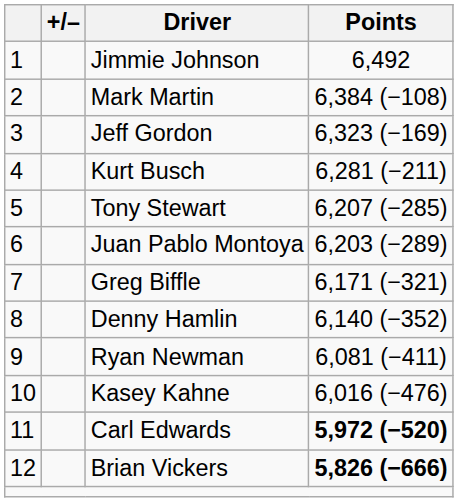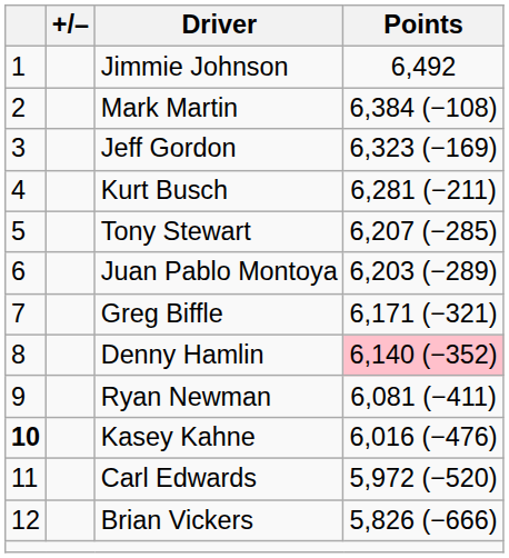 <table class="wikitable ">
 <tr>
 <th scope="col"></th>
 <th scope="col">+/–</th>
 <th scope="col">Driver</th>
 <th scope="col">Points</th>
 </tr>
 <tr>
 <td>1</td>
 <td align="left"></td>
 <td>Jimmie Johnson</td>
 <td style="text-align:center;">6,492</td>
 </tr>
 <tr>
 <td>2</td>
 <td align="left"></td>
 <td>Mark Martin</td>
 <td style="text-align:center;">6,384 (−108)</td>
 </tr>
 <tr>
 <td>3</td>
 <td align="left"></td>
 <td>Jeff Gordon</td>
 <td style="text-align:center;">6,323 (−169)</td>
 </tr>
 <tr>
 <td>4</td>
 <td align="left"></td>
 <td>Kurt Busch</td>
 <td style="text-align:center;">6,281 (−211)</td>
 </tr>
 <tr>
 <td>5</td>
 <td align="left"></td>
 <td>Tony Stewart</td>
 <td style="text-align:center;">6,207 (−285)</td>
 </tr>
 <tr>
 <td>6</td>
 <td align="left"></td>
 <td>Juan Pablo Montoya</td>
 <td style="text-align:center;">6,203 (−289)</td>
 </tr>
 <tr>
 <td>7</td>
 <td align="left"></td>
 <td>Greg Biffle</td>
 <td style="text-align:center;">6,171 (−321)</td>
 </tr>
 <tr>
 <td>8</td>
 <td align="left"></td>
 <td>Denny Hamlin</td>
-<td style="text-align:center;">6,140 (−352)</td>
+<td style="background: pink; text-align:center;">6,140 (−352)</td>
 </tr>
 <tr>
 <td>9</td>
 <td align="left"></td>
 <td>Ryan Newman</td>
 <td style="text-align:center;">6,081 (−411)</td>
 </tr>
 <tr>
-<td>10</td>
+<td><strong>10</strong></td>
 <td align="left"></td>
 <td>Kasey Kahne</td>
 <td style="text-align:center;">6,016 (−476)</td>
 </tr>
 <tr>
 <td>11</td>
 <td align="left"></td>
 <td>Carl Edwards</td>
-<td style="text-align:center;"><strong>5,972 (−520)</strong></td>
+<td style="text-align:center;">5,972 (−520)</td>
 </tr>
 <tr>
 <td>12</td>
 <td align="left"></td>
 <td>Brian Vickers</td>
-<td style="text-align:center;"><strong>5,826 (−666)</strong></td>
+<td style="text-align:center;">5,826 (−666)</td>
 </tr>
 <tr class="sortbottom">
 <td colspan="9"></td>
 </tr>
 </table>
